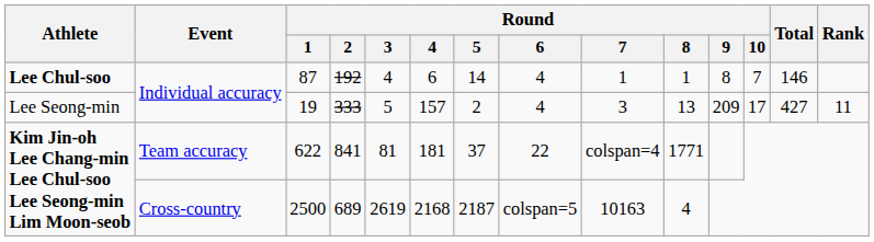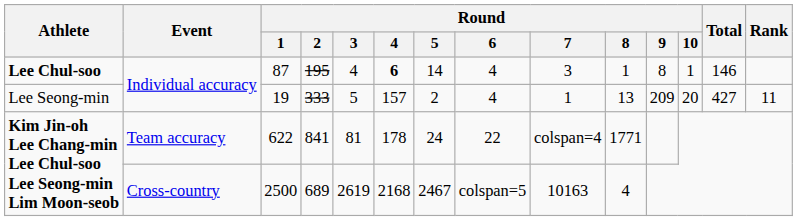 <table class=wikitable style=font-size:90%;text-align:center>
 <tr>
 <th rowspan="2">Athlete</th>
 <th rowspan="2">Event</th>
 <th colspan=10>Round</th>
 <th rowspan=2>Total</th>
 <th rowspan=2>Rank</th>
 </tr>
 <tr style="font-size:95%">
 <th>1</th>
 <th>2</th>
 <th>3</th>
 <th>4</th>
 <th>5</th>
 <th>6</th>
 <th>7</th>
 <th>8</th>
 <th>9</th>
 <th>10</th>
 </tr>
 <tr>
 <td align=left><strong>Lee Chul-soo</strong></td>
 <td align=left rowspan=2><a href='#'>Individual accuracy</a></td>
 <td>87</td>
-<td><s>192</s></td>
+<td><s>195</s></td>
 <td>4</td>
-<td>6</td>
+<td><strong>6</strong></td>
 <td>14</td>
 <td>4</td>
-<td>1</td>
+<td>3</td>
 <td>1</td>
 <td>8</td>
-<td>7</td>
+<td>1</td>
 <td>146</td>
 <td></td>
 </tr>
 <tr>
 <td align=left>Lee Seong-min</td>
 <td>19</td>
 <td><s>333</s></td>
 <td>5</td>
 <td>157</td>
 <td>2</td>
 <td>4</td>
-<td>3</td>
+<td>1</td>
 <td>13</td>
 <td>209</td>
-<td>17</td>
+<td>20</td>
 <td>427</td>
 <td>11</td>
 </tr>
 <tr>
 <td align=left rowspan=2><strong>Kim Jin-oh<br>Lee Chang-min<br>Lee Chul-soo<br>Lee Seong-min<br>Lim Moon-seob</strong></td>
 <td align=left><a href='#'>Team accuracy</a></td>
 <td>622</td>
 <td>841</td>
 <td>81</td>
-<td>181</td>
-<td>37</td>
+<td>178</td>
+<td>24</td>
 <td>22</td>
 <td>colspan=4 </td>
 <td>1771</td>
 <td></td>
 </tr>
 <tr>
 <td align=left><a href='#'>Cross-country</a></td>
 <td>2500</td>
 <td>689</td>
 <td>2619</td>
 <td>2168</td>
-<td>2187</td>
+<td>2467</td>
 <td>colspan=5 </td>
 <td>10163</td>
 <td>4</td>
 </tr>
 </table>
